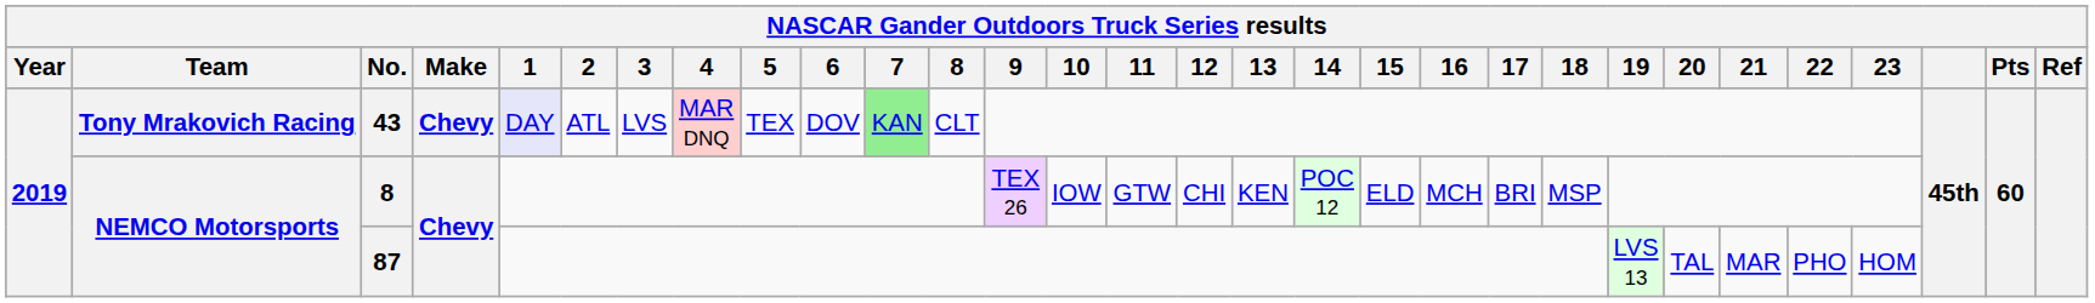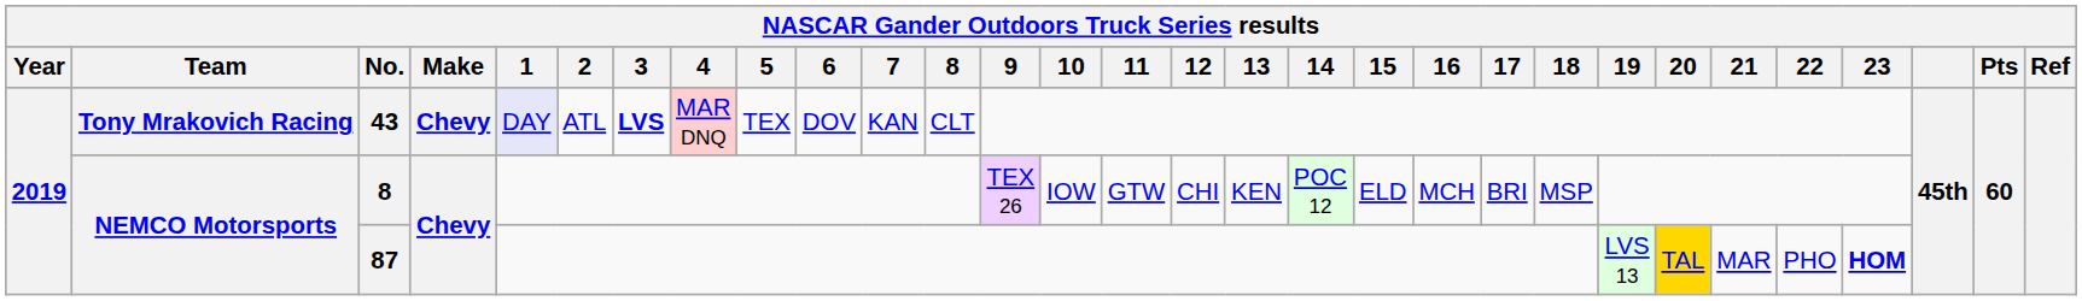 <table class="wikitable" style="text-align:center; font-size:75%">
 <tr>
 <th colspan="30"><a href='#'>NASCAR Gander Outdoors Truck Series</a> results</th>
 </tr>
 <tr>
 <th>Year</th>
 <th>Team</th>
 <th>No.</th>
 <th>Make</th>
 <th>1</th>
 <th>2</th>
 <th>3</th>
 <th>4</th>
 <th>5</th>
 <th>6</th>
 <th>7</th>
 <th>8</th>
 <th>9</th>
 <th>10</th>
 <th>11</th>
 <th>12</th>
 <th>13</th>
 <th>14</th>
 <th>15</th>
 <th>16</th>
 <th>17</th>
 <th>18</th>
 <th>19</th>
 <th>20</th>
 <th>21</th>
 <th>22</th>
 <th>23</th>
 <th></th>
 <th>Pts</th>
 <th>Ref</th>
 </tr>
 <tr>
 <th rowspan=3><a href='#'>2019</a></th>
 <th><a href='#'>Tony Mrakovich Racing</a></th>
 <th>43</th>
 <th><a href='#'>Chevy</a></th>
 <td style="background: lavender;"><a href='#'>DAY</a></td>
 <td><a href='#'>ATL</a></td>
-<td><a href='#'>LVS</a></td>
+<td><strong><a href='#'>LVS</a></strong></td>
 <td style="background:#FFCFCF;"><a href='#'>MAR</a><br><small>DNQ</small></td>
 <td><a href='#'>TEX</a></td>
 <td><a href='#'>DOV</a></td>
-<td style="background: lightgreen;"><a href='#'>KAN</a></td>
+<td><a href='#'>KAN</a></td>
 <td><a href='#'>CLT</a></td>
 <td colspan=15></td>
 <th rowspan=3>45th</th>
 <th rowspan=3>60</th>
 <th rowspan=3></th>
 </tr>
 <tr>
 <th rowspan=2><a href='#'>NEMCO Motorsports</a></th>
 <th>8</th>
 <th rowspan=2><a href='#'>Chevy</a></th>
 <td colspan=8></td>
 <td style="background:#EFCFFF;"><a href='#'>TEX</a><br><small>26</small></td>
 <td><a href='#'>IOW</a></td>
 <td><a href='#'>GTW</a></td>
 <td><a href='#'>CHI</a></td>
 <td><a href='#'>KEN</a></td>
 <td style="background:#DFFFDF;"><a href='#'>POC</a><br><small>12</small></td>
 <td><a href='#'>ELD</a></td>
 <td><a href='#'>MCH</a></td>
 <td><a href='#'>BRI</a></td>
 <td><a href='#'>MSP</a></td>
 <td colspan=5></td>
 </tr>
 <tr>
 <th>87</th>
 <td colspan=18></td>
 <td style="background:#DFFFDF;"><a href='#'>LVS</a><br><small>13</small></td>
-<td><a href='#'>TAL</a></td>
+<td style="background: gold;"><a href='#'>TAL</a></td>
 <td><a href='#'>MAR</a></td>
 <td><a href='#'>PHO</a></td>
-<td><a href='#'>HOM</a></td>
+<td><strong><a href='#'>HOM</a></strong></td>
 </tr>
 </table>
